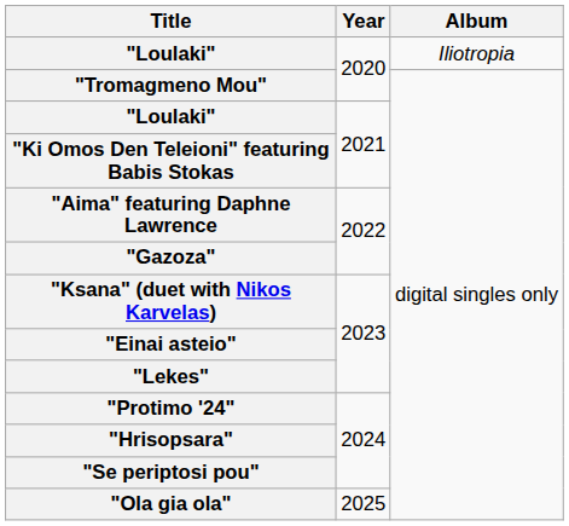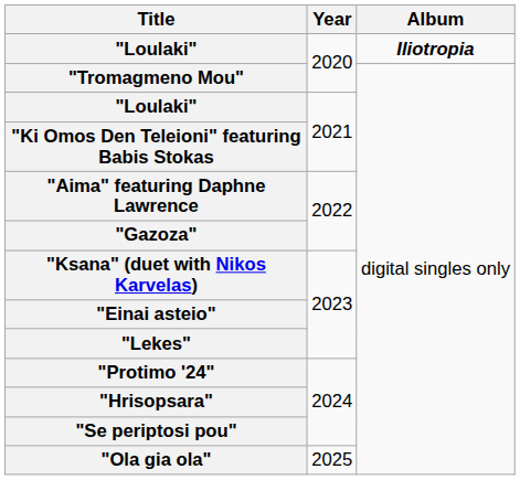 <table class="wikitable plainrowheaders" style="text-align:center;">
 <tr>
 <th scope="col" style="width:16em;">Title</th>
 <th scope="col">Year</th>
 <th scope="col">Album</th>
 </tr>
 <tr>
 <th scope="row">"Loulaki"</th>
 <td rowspan="2">2020</td>
-<td rowspan="1"><em>Iliotropia</em></td>
+<td rowspan="1"><strong><em>Iliotropia</em></strong></td>
 </tr>
 <tr>
 <th scope="row">"Tromagmeno Mou"</th>
 <td rowspan="12">digital singles only</td>
 </tr>
 <tr>
 <th scope="row">"Loulaki"</th>
 <td rowspan="2">2021</td>
 </tr>
 <tr>
 <th scope="row">"Ki Omos Den Teleioni" featuring Babis Stokas</th>
 </tr>
 <tr>
 <th scope="row">"Aima" featuring Daphne Lawrence</th>
 <td rowspan="2">2022</td>
 </tr>
 <tr>
 <th scope="row">"Gazoza"</th>
 </tr>
 <tr>
 <th scope="row">"Ksana" (duet with <a href='#'>Nikos Karvelas</a>)</th>
 <td rowspan="3">2023</td>
 </tr>
 <tr>
 <th scope="row">"Einai asteio"</th>
 </tr>
 <tr>
 <th scope="row">"Lekes"</th>
 </tr>
 <tr>
 <th scope="row">"Protimo '24"</th>
 <td rowspan="3">2024</td>
 </tr>
 <tr>
 <th scope="row">"Hrisopsara"</th>
 </tr>
 <tr>
 <th scope="row">"Se periptosi pou"</th>
 </tr>
 <tr>
 <th scope="row">"Ola gia ola"</th>
 <td>2025</td>
 </tr>
 </table>
